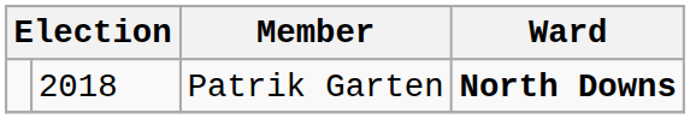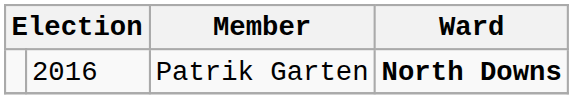 <table class="wikitable">
 <tr>
 <th colspan="2">Election</th>
 <th>Member</th>
 <th>Ward</th>
 </tr>
 <tr>
 <td style="background-color: "></td>
-<td>2018</td>
+<td>2016</td>
 <td>Patrik Garten</td>
 <td><strong>North Downs</strong></td>
 </tr>
 <tr>
 </tr>
 </table>
